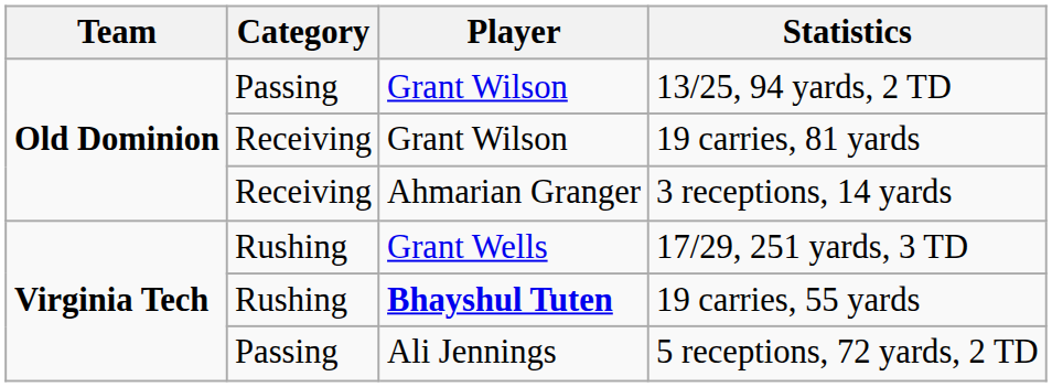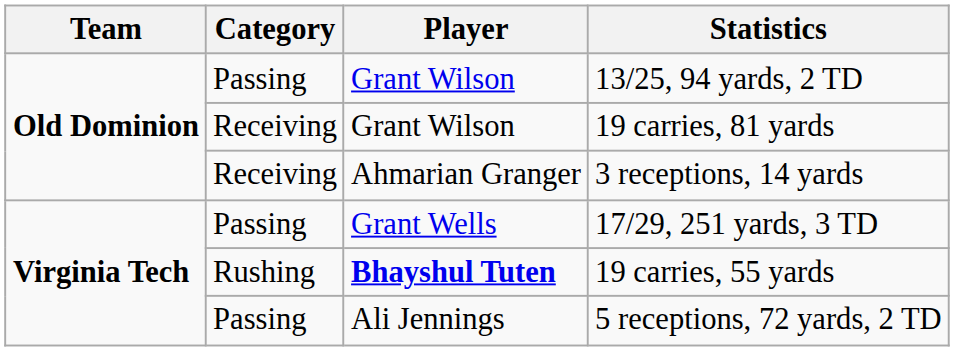 <table class="wikitable" style="float: right;">
 <tr>
 <th>Team</th>
 <th>Category</th>
 <th>Player</th>
 <th>Statistics</th>
 </tr>
 <tr>
 <td rowspan=3><strong>Old Dominion</strong></td>
 <td>Passing</td>
 <td><a href='#'>Grant Wilson</a></td>
 <td>13/25, 94 yards, 2 TD</td>
 </tr>
 <tr>
 <td>Receiving</td>
 <td>Grant Wilson</td>
 <td>19 carries, 81 yards</td>
 </tr>
 <tr>
 <td>Receiving</td>
 <td>Ahmarian Granger</td>
 <td>3 receptions, 14 yards</td>
 </tr>
 <tr>
 <td rowspan=3><strong>Virginia Tech</strong></td>
-<td>Rushing</td>
+<td>Passing</td>
 <td><a href='#'>Grant Wells</a></td>
 <td>17/29, 251 yards, 3 TD</td>
 </tr>
 <tr>
 <td>Rushing</td>
 <td><strong><a href='#'>Bhayshul Tuten</a></strong></td>
 <td>19 carries, 55 yards</td>
 </tr>
 <tr>
 <td>Passing</td>
 <td>Ali Jennings</td>
 <td>5 receptions, 72 yards, 2 TD</td>
 </tr>
 </table>
